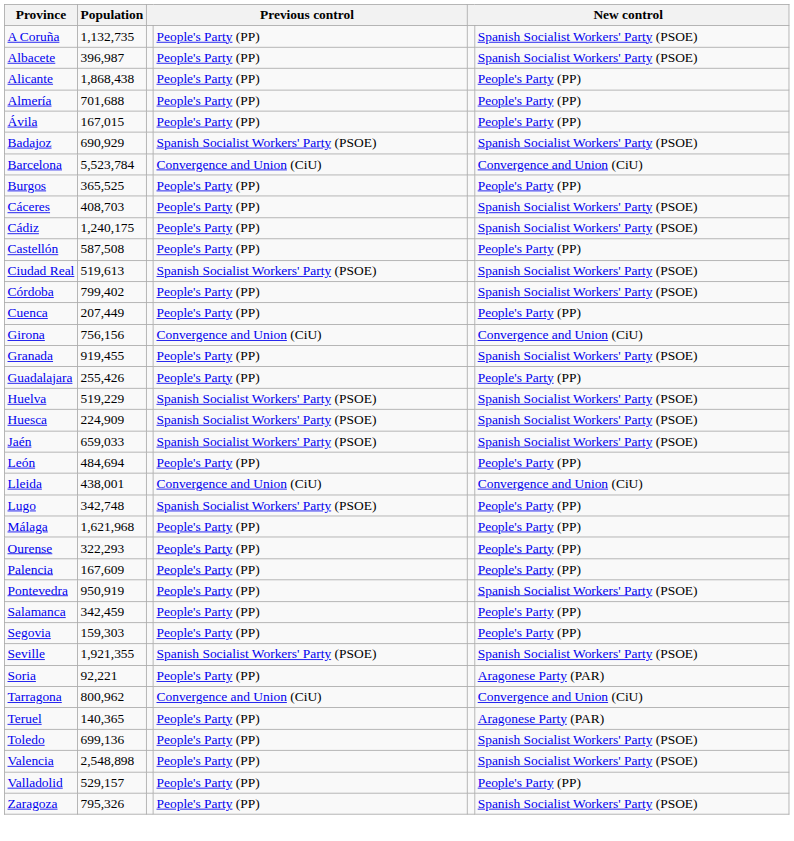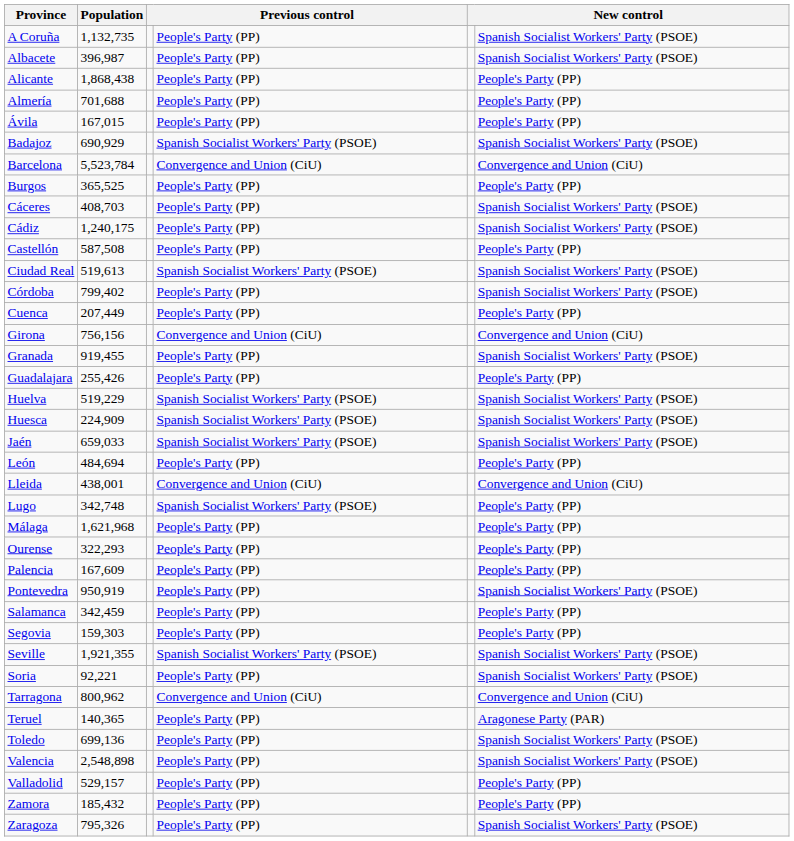 <table class="wikitable sortable">
 <tr>
 <th>Province</th>
 <th>Population</th>
 <th colspan="2" style="width:375px;">Previous control</th>
 <th colspan="2" style="width:375px;">New control</th>
 </tr>
 <tr>
 <td><a href='#'>A Coruña</a></td>
 <td>1,132,735</td>
 <td width="1" style="color:inherit;background:"></td>
 <td><a href='#'>People's Party</a> (PP)</td>
 <td width="1" style="color:inherit;background:"></td>
 <td><a href='#'>Spanish Socialist Workers' Party</a> (PSOE)</td>
 </tr>
 <tr>
 <td><a href='#'>Albacete</a></td>
 <td>396,987</td>
 <td style="color:inherit;background:"></td>
 <td><a href='#'>People's Party</a> (PP)</td>
 <td style="color:inherit;background:"></td>
 <td><a href='#'>Spanish Socialist Workers' Party</a> (PSOE)</td>
 </tr>
 <tr>
 <td><a href='#'>Alicante</a></td>
 <td>1,868,438</td>
 <td style="color:inherit;background:"></td>
 <td><a href='#'>People's Party</a> (PP)</td>
 <td style="color:inherit;background:"></td>
 <td><a href='#'>People's Party</a> (PP)</td>
 </tr>
 <tr>
 <td><a href='#'>Almería</a></td>
 <td>701,688</td>
 <td style="color:inherit;background:"></td>
 <td><a href='#'>People's Party</a> (PP)</td>
 <td style="color:inherit;background:"></td>
 <td><a href='#'>People's Party</a> (PP)</td>
 </tr>
 <tr>
 <td><a href='#'>Ávila</a></td>
 <td>167,015</td>
 <td style="color:inherit;background:"></td>
 <td><a href='#'>People's Party</a> (PP)</td>
 <td style="color:inherit;background:"></td>
 <td><a href='#'>People's Party</a> (PP)</td>
 </tr>
 <tr>
 <td><a href='#'>Badajoz</a></td>
 <td>690,929</td>
 <td style="color:inherit;background:"></td>
 <td><a href='#'>Spanish Socialist Workers' Party</a> (PSOE)</td>
 <td style="color:inherit;background:"></td>
 <td><a href='#'>Spanish Socialist Workers' Party</a> (PSOE)</td>
 </tr>
 <tr>
 <td><a href='#'>Barcelona</a></td>
 <td>5,523,784</td>
 <td style="color:inherit;background:"></td>
 <td><a href='#'>Convergence and Union</a> (CiU)</td>
 <td style="color:inherit;background:"></td>
 <td><a href='#'>Convergence and Union</a> (CiU)</td>
 </tr>
 <tr>
 <td><a href='#'>Burgos</a></td>
 <td>365,525</td>
 <td style="color:inherit;background:"></td>
 <td><a href='#'>People's Party</a> (PP)</td>
 <td style="color:inherit;background:"></td>
 <td><a href='#'>People's Party</a> (PP)</td>
 </tr>
 <tr>
 <td><a href='#'>Cáceres</a></td>
 <td>408,703</td>
 <td style="color:inherit;background:"></td>
 <td><a href='#'>People's Party</a> (PP)</td>
 <td style="color:inherit;background:"></td>
 <td><a href='#'>Spanish Socialist Workers' Party</a> (PSOE)</td>
 </tr>
 <tr>
 <td><a href='#'>Cádiz</a></td>
 <td>1,240,175</td>
 <td style="color:inherit;background:"></td>
 <td><a href='#'>People's Party</a> (PP)</td>
 <td style="color:inherit;background:"></td>
 <td><a href='#'>Spanish Socialist Workers' Party</a> (PSOE)</td>
 </tr>
 <tr>
 <td><a href='#'>Castellón</a></td>
 <td>587,508</td>
 <td style="color:inherit;background:"></td>
 <td><a href='#'>People's Party</a> (PP)</td>
 <td style="color:inherit;background:"></td>
 <td><a href='#'>People's Party</a> (PP)</td>
 </tr>
 <tr>
 <td><a href='#'>Ciudad Real</a></td>
 <td>519,613</td>
 <td style="color:inherit;background:"></td>
 <td><a href='#'>Spanish Socialist Workers' Party</a> (PSOE)</td>
 <td style="color:inherit;background:"></td>
 <td><a href='#'>Spanish Socialist Workers' Party</a> (PSOE)</td>
 </tr>
 <tr>
 <td><a href='#'>Córdoba</a></td>
 <td>799,402</td>
 <td style="color:inherit;background:"></td>
 <td><a href='#'>People's Party</a> (PP)</td>
 <td style="color:inherit;background:"></td>
 <td><a href='#'>Spanish Socialist Workers' Party</a> (PSOE)</td>
 </tr>
 <tr>
 <td><a href='#'>Cuenca</a></td>
 <td>207,449</td>
 <td style="color:inherit;background:"></td>
 <td><a href='#'>People's Party</a> (PP)</td>
 <td style="color:inherit;background:"></td>
 <td><a href='#'>People's Party</a> (PP)</td>
 </tr>
 <tr>
 <td><a href='#'>Girona</a></td>
 <td>756,156</td>
 <td style="color:inherit;background:"></td>
 <td><a href='#'>Convergence and Union</a> (CiU)</td>
 <td style="color:inherit;background:"></td>
 <td><a href='#'>Convergence and Union</a> (CiU)</td>
 </tr>
 <tr>
 <td><a href='#'>Granada</a></td>
 <td>919,455</td>
 <td style="color:inherit;background:"></td>
 <td><a href='#'>People's Party</a> (PP)</td>
 <td style="color:inherit;background:"></td>
 <td><a href='#'>Spanish Socialist Workers' Party</a> (PSOE)</td>
 </tr>
 <tr>
 <td><a href='#'>Guadalajara</a></td>
 <td>255,426</td>
 <td style="color:inherit;background:"></td>
 <td><a href='#'>People's Party</a> (PP)</td>
 <td style="color:inherit;background:"></td>
 <td><a href='#'>People's Party</a> (PP)</td>
 </tr>
 <tr>
 <td><a href='#'>Huelva</a></td>
 <td>519,229</td>
 <td style="color:inherit;background:"></td>
 <td><a href='#'>Spanish Socialist Workers' Party</a> (PSOE)</td>
 <td style="color:inherit;background:"></td>
 <td><a href='#'>Spanish Socialist Workers' Party</a> (PSOE)</td>
 </tr>
 <tr>
 <td><a href='#'>Huesca</a></td>
 <td>224,909</td>
 <td style="color:inherit;background:"></td>
 <td><a href='#'>Spanish Socialist Workers' Party</a> (PSOE)</td>
 <td style="color:inherit;background:"></td>
 <td><a href='#'>Spanish Socialist Workers' Party</a> (PSOE)</td>
 </tr>
 <tr>
 <td><a href='#'>Jaén</a></td>
 <td>659,033</td>
 <td style="color:inherit;background:"></td>
 <td><a href='#'>Spanish Socialist Workers' Party</a> (PSOE)</td>
 <td style="color:inherit;background:"></td>
 <td><a href='#'>Spanish Socialist Workers' Party</a> (PSOE)</td>
 </tr>
 <tr>
 <td><a href='#'>León</a></td>
 <td>484,694</td>
 <td style="color:inherit;background:"></td>
 <td><a href='#'>People's Party</a> (PP)</td>
 <td style="color:inherit;background:"></td>
 <td><a href='#'>People's Party</a> (PP)</td>
 </tr>
 <tr>
 <td><a href='#'>Lleida</a></td>
 <td>438,001</td>
 <td style="color:inherit;background:"></td>
 <td><a href='#'>Convergence and Union</a> (CiU)</td>
 <td style="color:inherit;background:"></td>
 <td><a href='#'>Convergence and Union</a> (CiU)</td>
 </tr>
 <tr>
 <td><a href='#'>Lugo</a></td>
 <td>342,748</td>
 <td style="color:inherit;background:"></td>
 <td><a href='#'>Spanish Socialist Workers' Party</a> (PSOE)</td>
 <td style="color:inherit;background:"></td>
 <td><a href='#'>People's Party</a> (PP)</td>
 </tr>
 <tr>
 <td><a href='#'>Málaga</a></td>
 <td>1,621,968</td>
 <td style="color:inherit;background:"></td>
 <td><a href='#'>People's Party</a> (PP)</td>
 <td style="color:inherit;background:"></td>
 <td><a href='#'>People's Party</a> (PP)</td>
 </tr>
 <tr>
 <td><a href='#'>Ourense</a></td>
 <td>322,293</td>
 <td style="color:inherit;background:"></td>
 <td><a href='#'>People's Party</a> (PP)</td>
 <td style="color:inherit;background:"></td>
 <td><a href='#'>People's Party</a> (PP)</td>
 </tr>
 <tr>
 <td><a href='#'>Palencia</a></td>
 <td>167,609</td>
 <td style="color:inherit;background:"></td>
 <td><a href='#'>People's Party</a> (PP)</td>
 <td style="color:inherit;background:"></td>
 <td><a href='#'>People's Party</a> (PP)</td>
 </tr>
 <tr>
 <td><a href='#'>Pontevedra</a></td>
 <td>950,919</td>
 <td style="color:inherit;background:"></td>
 <td><a href='#'>People's Party</a> (PP)</td>
 <td style="color:inherit;background:"></td>
 <td><a href='#'>Spanish Socialist Workers' Party</a> (PSOE)</td>
 </tr>
 <tr>
 <td><a href='#'>Salamanca</a></td>
 <td>342,459</td>
 <td style="color:inherit;background:"></td>
 <td><a href='#'>People's Party</a> (PP)</td>
 <td style="color:inherit;background:"></td>
 <td><a href='#'>People's Party</a> (PP)</td>
 </tr>
 <tr>
 <td><a href='#'>Segovia</a></td>
 <td>159,303</td>
 <td style="color:inherit;background:"></td>
 <td><a href='#'>People's Party</a> (PP)</td>
 <td style="color:inherit;background:"></td>
 <td><a href='#'>People's Party</a> (PP)</td>
 </tr>
 <tr>
 <td><a href='#'>Seville</a></td>
 <td>1,921,355</td>
 <td style="color:inherit;background:"></td>
 <td><a href='#'>Spanish Socialist Workers' Party</a> (PSOE)</td>
 <td style="color:inherit;background:"></td>
 <td><a href='#'>Spanish Socialist Workers' Party</a> (PSOE)</td>
 </tr>
 <tr>
 <td><a href='#'>Soria</a></td>
 <td>92,221</td>
 <td style="color:inherit;background:"></td>
 <td><a href='#'>People's Party</a> (PP)</td>
 <td style="color:inherit;background:"></td>
-<td><a href='#'>Aragonese Party</a> (PAR)</td>
+<td><a href='#'>Spanish Socialist Workers' Party</a> (PSOE)</td>
 </tr>
 <tr>
 <td><a href='#'>Tarragona</a></td>
 <td>800,962</td>
 <td style="color:inherit;background:"></td>
 <td><a href='#'>Convergence and Union</a> (CiU)</td>
 <td style="color:inherit;background:"></td>
 <td><a href='#'>Convergence and Union</a> (CiU)</td>
 </tr>
 <tr>
 <td><a href='#'>Teruel</a></td>
 <td>140,365</td>
 <td style="color:inherit;background:"></td>
 <td><a href='#'>People's Party</a> (PP)</td>
 <td style="color:inherit;background:"></td>
 <td><a href='#'>Aragonese Party</a> (PAR)</td>
 </tr>
 <tr>
 <td><a href='#'>Toledo</a></td>
 <td>699,136</td>
 <td style="color:inherit;background:"></td>
 <td><a href='#'>People's Party</a> (PP)</td>
 <td style="color:inherit;background:"></td>
 <td><a href='#'>Spanish Socialist Workers' Party</a> (PSOE)</td>
 </tr>
 <tr>
 <td><a href='#'>Valencia</a></td>
 <td>2,548,898</td>
 <td style="color:inherit;background:"></td>
 <td><a href='#'>People's Party</a> (PP)</td>
 <td style="color:inherit;background:"></td>
 <td><a href='#'>Spanish Socialist Workers' Party</a> (PSOE)</td>
 </tr>
 <tr>
 <td><a href='#'>Valladolid</a></td>
 <td>529,157</td>
 <td style="color:inherit;background:"></td>
 <td><a href='#'>People's Party</a> (PP)</td>
 <td style="color:inherit;background:"></td>
 <td><a href='#'>People's Party</a> (PP)</td>
 </tr>
 <tr>
+<td><a href='#'>Zamora</a></td>
+<td>185,432</td>
+<td style="color:inherit;background:"></td>
+<td><a href='#'>People's Party</a> (PP)</td>
+<td style="color:inherit;background:"></td>
+<td><a href='#'>People's Party</a> (PP)</td>
+</tr>
+<tr>
 <td><a href='#'>Zaragoza</a></td>
 <td>795,326</td>
 <td style="color:inherit;background:"></td>
 <td><a href='#'>People's Party</a> (PP)</td>
 <td style="color:inherit;background:"></td>
 <td><a href='#'>Spanish Socialist Workers' Party</a> (PSOE)</td>
 </tr>
 </table>
